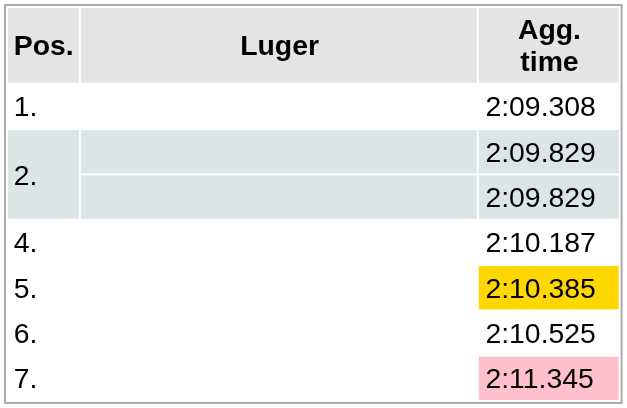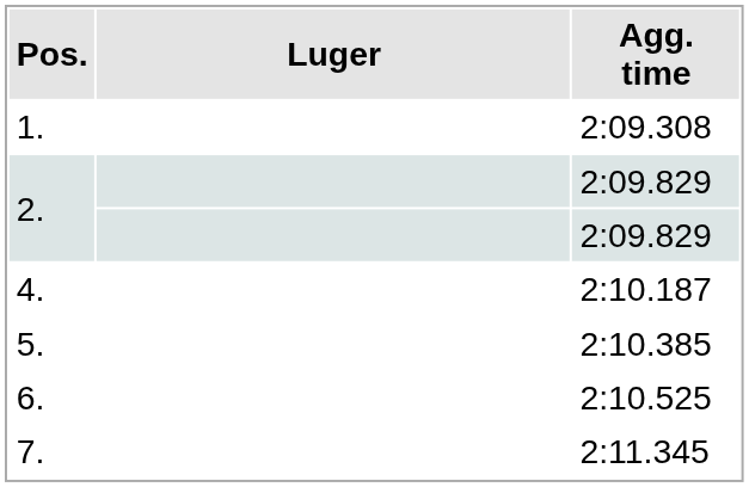 <table cellspacing="1" cellpadding="3" style="border:1px solid #aaa; font-size:90%;">
 <tr style="background:#e4e4e4;">
 <th style="width:10px;">Pos.</th>
 <th style="width:195px;">Luger</th>
 <th style="width:65px;">Agg. time</th>
 </tr>
 <tr -style="background:#f7f6a8;">
 <td>1.</td>
 <td align="left"></td>
 <td>2:09.308</td>
 </tr>
 <tr style="background:#dce5e5;">
 <td rowspan=2>2.</td>
 <td align="left"></td>
 <td>2:09.829</td>
 </tr>
 <tr style="background:#dce5e5;">
 <td align="left"></td>
 <td>2:09.829</td>
 </tr>
 <tr>
 <td>4.</td>
 <td align="left"></td>
 <td>2:10.187</td>
 </tr>
 <tr>
 <td>5.</td>
 <td align="left"></td>
-<td style="background: gold;">2:10.385</td>
+<td>2:10.385</td>
 </tr>
 <tr>
 <td>6.</td>
 <td align="left"></td>
 <td>2:10.525</td>
 </tr>
 <tr>
 <td>7.</td>
 <td align="left"></td>
-<td style="background: pink;">2:11.345</td>
+<td>2:11.345</td>
 </tr>
 </table>
